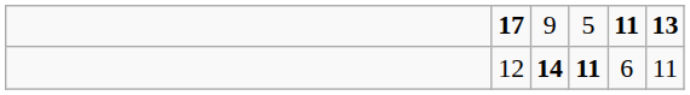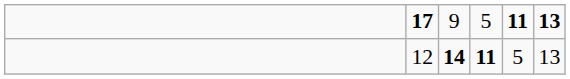 <table class="wikitable">
 <tr>
 <td style="width:18em"><strong></strong></td>
 <td align=center style="width:1em"><strong>17</strong></td>
 <td align=center style="width:1em">9</td>
 <td align=center style="width:1em">5</td>
 <td align=center style="width:1em"><strong>11</strong></td>
 <td align=center style="width:1em"><strong>13</strong></td>
 </tr>
 <tr>
 <td style="width:18em"></td>
 <td align=center style="width:1em">12</td>
 <td align=center style="width:1em"><strong>14</strong></td>
 <td align=center style="width:1em"><strong>11</strong></td>
-<td align=center style="width:1em">6</td>
-<td align=center style="width:1em">11</td>
+<td align=center style="width:1em">5</td>
+<td align=center style="width:1em">13</td>
 </tr>
 </table>
